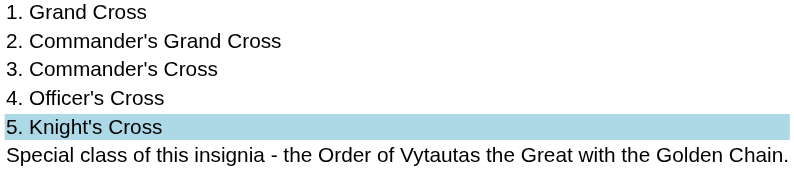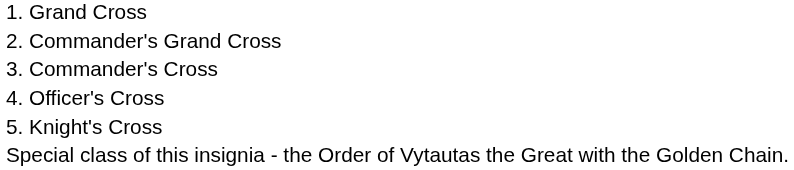 <table>
 <tr>
 <td>1. Grand Cross</td>
 <td></td>
 </tr>
 <tr>
 <td>2. Commander's Grand Cross</td>
 <td></td>
 </tr>
 <tr>
 <td>3. Commander's Cross</td>
 <td></td>
 </tr>
 <tr>
 <td>4. Officer's Cross</td>
 <td></td>
 </tr>
 <tr>
-<td style="background: lightblue;">5. Knight's Cross</td>
+<td>5. Knight's Cross</td>
 <td></td>
 </tr>
 <tr>
 <td>Special class of this insignia - the Order of Vytautas the Great with the Golden Chain.</td>
 <td></td>
 </tr>
 </table>
